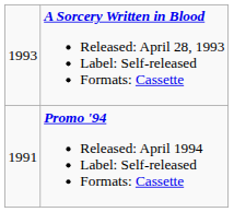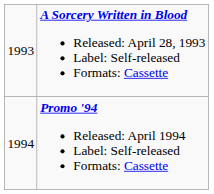 <table class="wikitable">
 <tr>
 <td>1993</td>
 <td><strong><em><a href='#'>A Sorcery Written in Blood</a></em></strong><br><ul><li>Released: April 28, 1993</li><li>Label: Self-released</li><li>Formats: <a href='#'>Cassette</a></li></ul></td>
 </tr>
 <tr>
-<td>1991</td>
+<td>1994</td>
 <td><strong><em><a href='#'>Promo '94</a></em></strong><br><ul><li>Released: April 1994</li><li>Label: Self-released</li><li>Formats: <a href='#'>Cassette</a></li></ul></td>
 </tr>
 </table>
